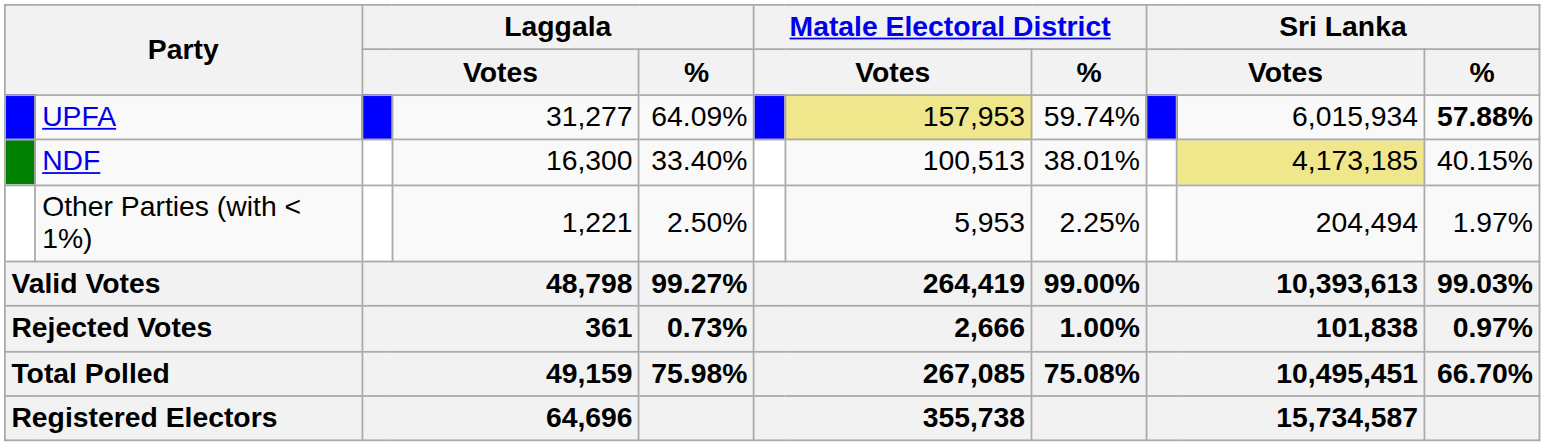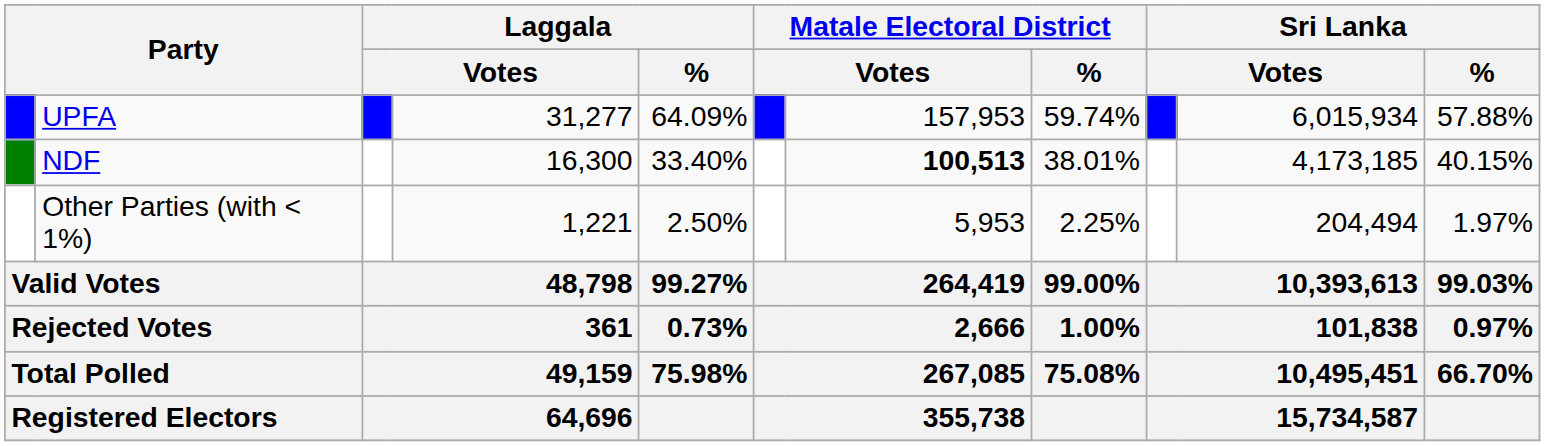 <table class="wikitable">
 <tr>
 <th colspan="2" width="144px"rowspan="2">Party</th>
 <th colspan="3" width="216px">Laggala</th>
 <th colspan="3" width="216px"><a href='#'>Matale Electoral District</a></th>
 <th colspan="3" width="216px">Sri Lanka</th>
 </tr>
 <tr>
 <th colspan="2" width="144px">Votes</th>
 <th>%</th>
 <th colspan="2" width="144px">Votes</th>
 <th>%</th>
 <th colspan="2" width="144px">Votes</th>
 <th>%</th>
 </tr>
 <tr>
 <td style="background-color:blue;" width="10px"></td>
 <td style="text-align:left;"><a href='#'>UPFA</a></td>
 <td style="background-color:blue;" width="10px"></td>
 <td style="text-align:right;">31,277</td>
 <td style="text-align:right;">64.09%</td>
 <td style="background-color:blue;" width="10px"></td>
-<td style="background: khaki; text-align:right;">157,953</td>
+<td style="text-align:right;">157,953</td>
 <td style="text-align:right;">59.74%</td>
 <td style="background-color:blue;" width="10px"></td>
 <td style="text-align:right;">6,015,934</td>
-<td style="text-align:right;"><strong>57.88%</strong></td>
+<td style="text-align:right;">57.88%</td>
 </tr>
 <tr>
 <td style="background-color:green;" width="10px"></td>
 <td style="text-align:left;"><a href='#'>NDF</a></td>
 <td style="background-color:white;" width="10px"></td>
 <td style="text-align:right;">16,300</td>
 <td style="text-align:right;">33.40%</td>
 <td style="background-color:white;" width="10px"></td>
-<td style="text-align:right;">100,513</td>
+<td style="text-align:right;"><strong>100,513</strong></td>
 <td style="text-align:right;">38.01%</td>
 <td style="background-color:white;" width="10px"></td>
-<td style="background: khaki; text-align:right;">4,173,185</td>
+<td style="text-align:right;">4,173,185</td>
 <td style="text-align:right;">40.15%</td>
 </tr>
 <tr>
 <td style="background-color:white;" width="10px"></td>
 <td style="text-align:left;">Other Parties (with < 1%)</td>
 <td style="background-color:white;" width="10px"></td>
 <td style="text-align:right;">1,221</td>
 <td style="text-align:right;">2.50%</td>
 <td style="background-color:white;" width="10px"></td>
 <td style="text-align:right;">5,953</td>
 <td style="text-align:right;">2.25%</td>
 <td style="background-color:white;" width="10px"></td>
 <td style="text-align:right;">204,494</td>
 <td style="text-align:right;">1.97%</td>
 </tr>
 <tr>
 <th colspan="2" width="144px"style="text-align:left;">Valid Votes</th>
 <th style="text-align:right;"colspan="2" width="144px">48,798</th>
 <th style="text-align:right;">99.27%</th>
 <th style="text-align:right;"colspan="2" width="144px">264,419</th>
 <th style="text-align:right;">99.00%</th>
 <th style="text-align:right;"colspan="2" width="144px">10,393,613</th>
 <th style="text-align:right;">99.03%</th>
 </tr>
 <tr>
 <th colspan="2" width="144px"style="text-align:left;">Rejected Votes</th>
 <th style="text-align:right;"colspan="2" width="144px">361</th>
 <th style="text-align:right;">0.73%</th>
 <th style="text-align:right;"colspan="2" width="144px">2,666</th>
 <th style="text-align:right;">1.00%</th>
 <th style="text-align:right;"colspan="2" width="144px">101,838</th>
 <th style="text-align:right;">0.97%</th>
 </tr>
 <tr>
 <th colspan="2" width="144px"style="text-align:left;">Total Polled</th>
 <th style="text-align:right;"colspan="2" width="144px">49,159</th>
 <th style="text-align:right;">75.98%</th>
 <th style="text-align:right;"colspan="2" width="144px">267,085</th>
 <th style="text-align:right;">75.08%</th>
 <th style="text-align:right;"colspan="2" width="144px">10,495,451</th>
 <th style="text-align:right;">66.70%</th>
 </tr>
 <tr>
 <th colspan="2" width="144px"style="text-align:left;">Registered Electors</th>
 <th style="text-align:right;"colspan="2" width="144px">64,696</th>
 <th></th>
 <th style="text-align:right;"colspan="2" width="144px">355,738</th>
 <th></th>
 <th style="text-align:right;"colspan="2" width="144px">15,734,587</th>
 <th></th>
 </tr>
 </table>
